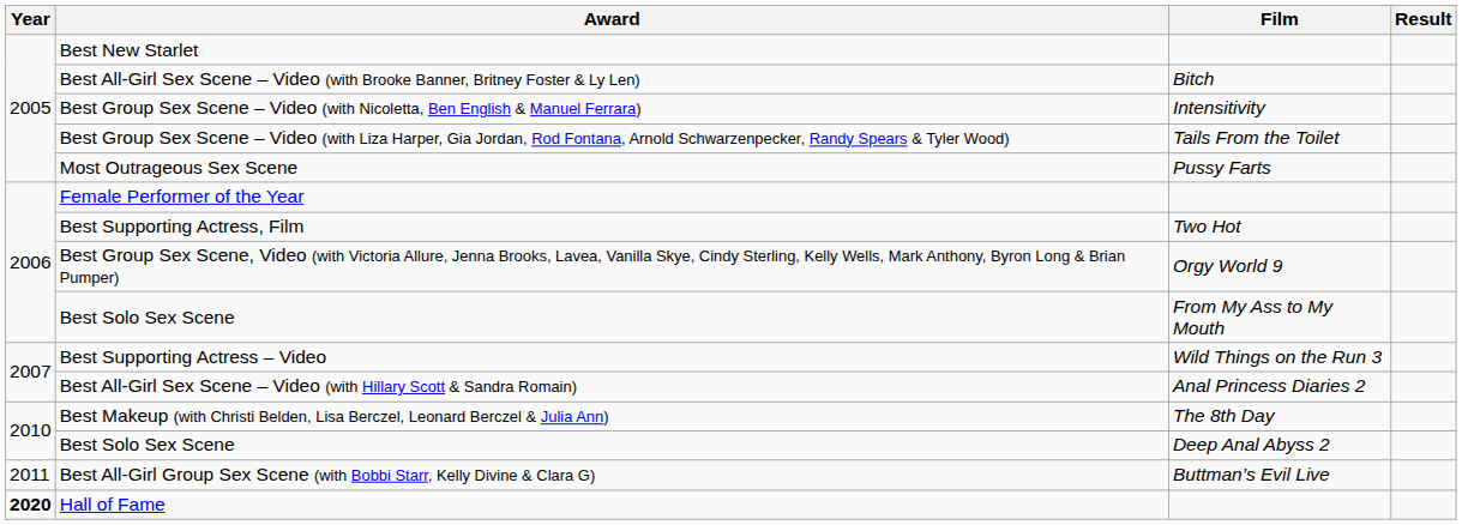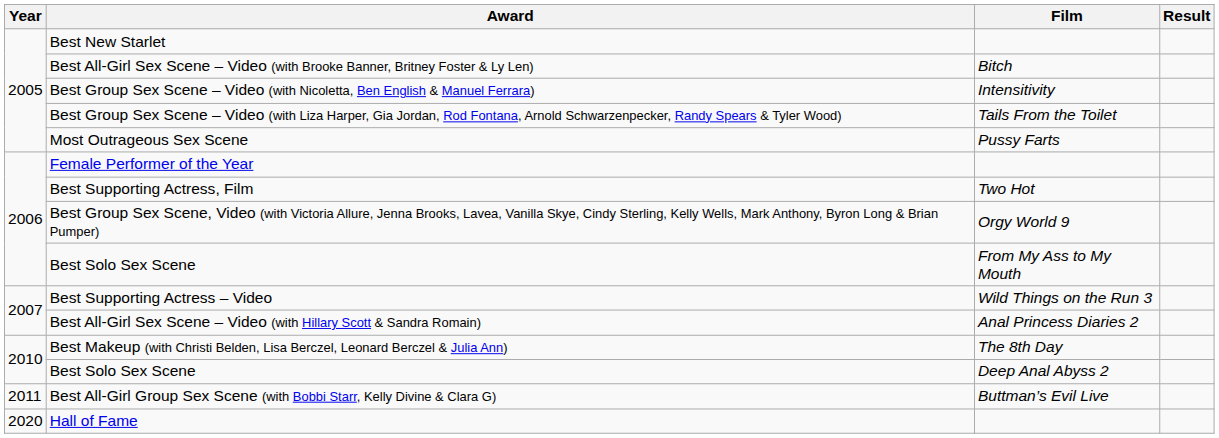 <table class="wikitable">
 <tr>
 <th>Year</th>
 <th>Award</th>
 <th>Film</th>
 <th>Result</th>
 </tr>
 <tr>
 <td rowspan="5">2005</td>
 <td>Best New Starlet</td>
 <td></td>
 <td></td>
 </tr>
 <tr>
 <td>Best All-Girl Sex Scene – Video <small>(with Brooke Banner, Britney Foster & Ly Len)</small></td>
 <td><em>Bitch</em></td>
 <td></td>
 </tr>
 <tr>
 <td>Best Group Sex Scene – Video <small>(with Nicoletta, <a href='#'>Ben English</a> & <a href='#'>Manuel Ferrara</a>)</small></td>
 <td><em>Intensitivity</em></td>
 <td></td>
 </tr>
 <tr>
 <td>Best Group Sex Scene – Video <small>(with Liza Harper, Gia Jordan, <a href='#'>Rod Fontana</a>, Arnold Schwarzenpecker, <a href='#'>Randy Spears</a> & Tyler Wood)</small></td>
 <td><em>Tails From the Toilet</em></td>
 <td></td>
 </tr>
 <tr>
 <td>Most Outrageous Sex Scene</td>
 <td><em>Pussy Farts</em></td>
 <td></td>
 </tr>
 <tr>
 <td rowspan="4">2006</td>
 <td><a href='#'>Female Performer of the Year</a></td>
 <td></td>
 <td></td>
 </tr>
 <tr>
 <td>Best Supporting Actress, Film</td>
 <td><em>Two Hot</em></td>
 <td></td>
 </tr>
 <tr>
 <td>Best Group Sex Scene, Video <small>(with Victoria Allure, Jenna Brooks, Lavea, Vanilla Skye, Cindy Sterling, Kelly Wells, Mark Anthony, Byron Long & Brian Pumper)</small></td>
 <td><em>Orgy World 9</em></td>
 <td></td>
 </tr>
 <tr>
 <td>Best Solo Sex Scene</td>
 <td><em>From My Ass to My Mouth</em></td>
 <td></td>
 </tr>
 <tr>
 <td rowspan="2">2007</td>
 <td>Best Supporting Actress – Video</td>
 <td><em>Wild Things on the Run 3</em></td>
 <td></td>
 </tr>
 <tr>
 <td>Best All-Girl Sex Scene – Video <small>(with <a href='#'>Hillary Scott</a> & Sandra Romain)</small></td>
 <td><em>Anal Princess Diaries 2</em></td>
 <td></td>
 </tr>
 <tr>
 <td rowspan="2">2010</td>
 <td>Best Makeup <small>(with Christi Belden, Lisa Berczel, Leonard Berczel & <a href='#'>Julia Ann</a>)</small></td>
 <td><em>The 8th Day</em></td>
 <td></td>
 </tr>
 <tr>
 <td>Best Solo Sex Scene</td>
 <td><em>Deep Anal Abyss 2</em></td>
 <td></td>
 </tr>
 <tr>
 <td>2011</td>
 <td>Best All-Girl Group Sex Scene <small>(with <a href='#'>Bobbi Starr</a>, Kelly Divine & Clara G)</small></td>
 <td><em>Buttman’s Evil Live</em></td>
 <td></td>
 </tr>
 <tr>
-<td><strong>2020</strong></td>
+<td>2020</td>
 <td><a href='#'>Hall of Fame</a></td>
 <td></td>
 <td></td>
 </tr>
 </table>
